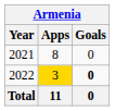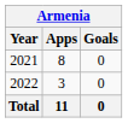 <table class="wikitable" style="text-align:center">
 <tr>
 <th colspan=4><a href='#'>Armenia</a></th>
 </tr>
 <tr>
 <th>Year</th>
 <th>Apps</th>
 <th>Goals</th>
 </tr>
 <tr>
 <td>2021</td>
 <td>8</td>
 <td>0</td>
 </tr>
 <tr>
 <td>2022</td>
-<td style="background: gold;">3</td>
-<td><strong>0</strong></td>
+<td>3</td>
+<td>0</td>
 </tr>
 <tr>
 <th>Total</th>
 <th>11</th>
 <th>0</th>
 </tr>
 </table>
